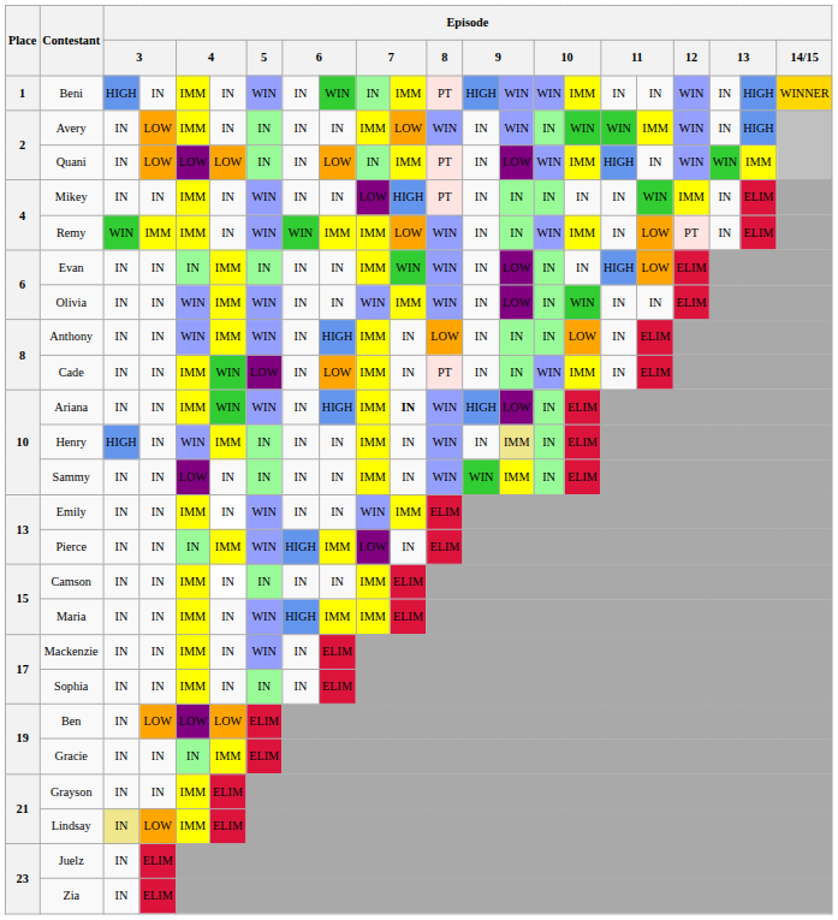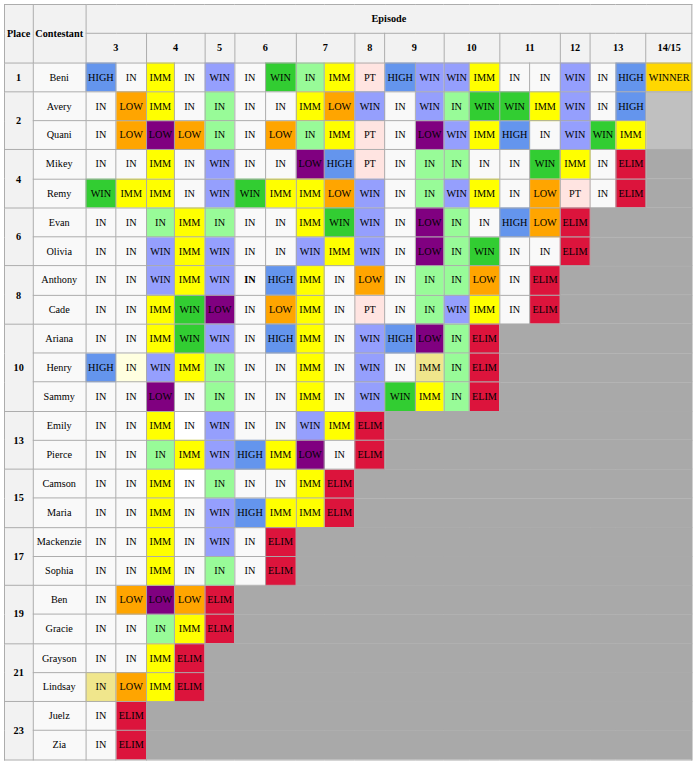 <table class="wikitable" style="text-align: center; font-size: 8pt; line-height:25px;">
 <tr>
 <th rowspan="2">Place</th>
 <th rowspan="2">Contestant</th>
 <th colspan="20">Episode</th>
 </tr>
 <tr>
 <th colspan="2">3</th>
 <th colspan="2">4</th>
 <th>5</th>
 <th colspan="2">6</th>
 <th colspan="2">7</th>
 <th>8</th>
 <th colspan="2">9</th>
 <th colspan="2">10</th>
 <th colspan="2">11</th>
 <th>12</th>
 <th colspan="2">13</th>
 <th>14/15</th>
 </tr>
 <tr>
 <th>1</th>
 <td>Beni</td>
 <td style="background:cornflowerblue;">HIGH</td>
 <td>IN</td>
 <td style="background:yellow;">IMM</td>
 <td>IN</td>
 <td style="background:#959FFD;">WIN</td>
 <td>IN</td>
 <td style="background:limegreen;">WIN</td>
 <td style="background:palegreen;">IN</td>
 <td style="background:yellow;">IMM</td>
 <td style="background:mistyrose">PT</td>
 <td style="background:cornflowerblue;">HIGH</td>
 <td style="background:#959FFD;">WIN</td>
 <td style="background:#959FFD;">WIN</td>
 <td style="background:yellow;">IMM</td>
 <td>IN</td>
 <td>IN</td>
 <td style="background:#959FFD;">WIN</td>
 <td>IN</td>
 <td style="background:cornflowerblue;">HIGH</td>
 <td style="background:gold;">WINNER</td>
 </tr>
 <tr>
 <th rowspan="2">2</th>
 <td>Avery</td>
 <td>IN</td>
 <td style="background:orange;">LOW</td>
 <td style="background:yellow;">IMM</td>
 <td>IN</td>
 <td style="background:palegreen;">IN</td>
 <td>IN</td>
 <td>IN</td>
 <td style="background:yellow;">IMM</td>
 <td style="background:orange;:">LOW</td>
 <td style="background:#959FFD;">WIN</td>
 <td>IN</td>
 <td style="background:#959FFD;">WIN</td>
 <td style="background:palegreen;">IN</td>
 <td style="background:limegreen;">WIN</td>
 <td style="background:limegreen;">WIN</td>
 <td style="background:yellow;">IMM</td>
 <td style="background:#959FFD;">WIN</td>
 <td>IN</td>
 <td style="background:cornflowerblue;">HIGH</td>
 <td style="background:silver;" rowspan="2"></td>
 </tr>
 <tr>
 <td>Quani</td>
 <td>IN</td>
 <td style="background:orange;">LOW</td>
 <td style="background:purple;">LOW</td>
 <td style="background:orange;">LOW</td>
 <td style="background:palegreen;">IN</td>
 <td>IN</td>
 <td style="background:orange;">LOW</td>
 <td style="background:palegreen;">IN</td>
 <td style="background:yellow;">IMM</td>
 <td style="background:mistyrose">PT</td>
 <td>IN</td>
 <td style="background:purple;">LOW</td>
 <td style="background:#959FFD;">WIN</td>
 <td style="background:yellow;">IMM</td>
 <td style="background:cornflowerblue;">HIGH</td>
 <td>IN</td>
 <td style="background:#959FFD;">WIN</td>
 <td style="background:limegreen;">WIN</td>
 <td style="background:yellow;">IMM</td>
 </tr>
 <tr>
 <th rowspan="2">4</th>
 <td>Mikey</td>
 <td>IN</td>
 <td>IN</td>
 <td style="background:yellow;">IMM</td>
 <td>IN</td>
 <td style="background:#959FFD;">WIN</td>
 <td>IN</td>
 <td>IN</td>
 <td style="background:purple;">LOW</td>
 <td style="background: cornflowerblue;">HIGH</td>
 <td style="background:mistyrose">PT</td>
 <td>IN</td>
 <td style="background:palegreen;">IN</td>
 <td style="background:palegreen;">IN</td>
 <td>IN</td>
 <td>IN</td>
 <td style="background:limegreen;">WIN</td>
 <td style="background:yellow;">IMM</td>
 <td>IN</td>
 <td style="background:crimson;">ELIM</td>
 <td style="background:darkgrey;"></td>
 </tr>
 <tr>
 <td>Remy</td>
 <td style="background:limegreen;">WIN</td>
 <td style="background:yellow;">IMM</td>
 <td style="background:yellow;">IMM</td>
 <td>IN</td>
 <td style="background:#959FFD;">WIN</td>
 <td style="background:limegreen;">WIN</td>
 <td style="background:yellow;">IMM</td>
 <td style="background:yellow;">IMM</td>
 <td style="background:orange;:">LOW</td>
 <td style="background:#959FFD;">WIN</td>
 <td>IN</td>
 <td style="background:palegreen;">IN</td>
 <td style="background:#959FFD;">WIN</td>
 <td style="background:yellow;">IMM</td>
 <td>IN</td>
 <td style="background:orange;:">LOW</td>
 <td style="background:mistyrose">PT</td>
 <td>IN</td>
 <td style="background:crimson;">ELIM</td>
 <td style="background:darkgrey;"></td>
 </tr>
 <tr>
 <th rowspan="2">6</th>
 <td>Evan</td>
 <td>IN</td>
 <td>IN</td>
 <td style="background:palegreen;">IN</td>
 <td style="background:yellow;">IMM</td>
 <td style="background:palegreen;">IN</td>
 <td>IN</td>
 <td>IN</td>
 <td style="background:yellow;">IMM</td>
 <td style="background:limegreen;">WIN</td>
 <td style="background:#959FFD;">WIN</td>
 <td>IN</td>
 <td style="background:purple;">LOW</td>
 <td style="background:palegreen;">IN</td>
 <td>IN</td>
 <td style="background:cornflowerblue;">HIGH</td>
 <td style="background:orange;:">LOW</td>
 <td style="background:crimson;">ELIM</td>
 <td colspan="3" style="background:darkgrey;"></td>
 </tr>
 <tr>
 <td>Olivia</td>
 <td>IN</td>
 <td>IN</td>
 <td style="background:#959FFD;">WIN</td>
 <td style="background:yellow;">IMM</td>
 <td style="background:#959FFD;">WIN</td>
 <td>IN</td>
 <td>IN</td>
 <td style="background:#959FFD;">WIN</td>
 <td style="background:yellow;">IMM</td>
 <td style="background:#959FFD;">WIN</td>
 <td>IN</td>
 <td style="background:purple;">LOW</td>
 <td style="background:palegreen;">IN</td>
 <td style="background:limegreen;">WIN</td>
 <td>IN</td>
 <td>IN</td>
 <td style="background:crimson;">ELIM</td>
 <td colspan="3" style="background:darkgrey;"></td>
 </tr>
 <tr>
 <th rowspan="2">8</th>
 <td>Anthony</td>
 <td>IN</td>
 <td>IN</td>
 <td style="background:#959FFD;">WIN</td>
 <td style="background:yellow;">IMM</td>
 <td style="background:#959FFD;">WIN</td>
-<td>IN</td>
+<td><strong>IN</strong></td>
 <td style="background:cornflowerblue;">HIGH</td>
 <td style="background:yellow;">IMM</td>
 <td>IN</td>
 <td style="background:orange;">LOW</td>
 <td>IN</td>
 <td style="background:palegreen;">IN</td>
 <td style="background:palegreen;">IN</td>
 <td style="background:orange;:">LOW</td>
 <td>IN</td>
 <td style="background:crimson;">ELIM</td>
 <td colspan="4" style="background:darkgrey;"></td>
 </tr>
 <tr>
 <td>Cade</td>
 <td>IN</td>
 <td>IN</td>
 <td style="background:yellow;">IMM</td>
 <td style="background:limegreen;">WIN</td>
 <td style="background:purple;:">LOW</td>
 <td>IN</td>
 <td style="background:orange;">LOW</td>
 <td style="background:yellow;">IMM</td>
 <td>IN</td>
 <td style="background:mistyrose">PT</td>
 <td>IN</td>
 <td style="background:palegreen;">IN</td>
 <td style="background:#959FFD;">WIN</td>
 <td style="background:yellow;">IMM</td>
 <td>IN</td>
 <td style="background:crimson;">ELIM</td>
 <td colspan="4" style="background:darkgrey;"></td>
 </tr>
 <tr>
 <th rowspan="3">10</th>
 <td>Ariana</td>
 <td>IN</td>
 <td>IN</td>
 <td style="background:yellow;">IMM</td>
 <td style="background:limegreen;">WIN</td>
 <td style="background:#959FFD;">WIN</td>
 <td>IN</td>
 <td style="background:cornflowerblue;">HIGH</td>
 <td style="background:yellow;">IMM</td>
-<td><strong>IN</strong></td>
+<td>IN</td>
 <td style="background:#959FFD;">WIN</td>
 <td style="background:cornflowerblue;">HIGH</td>
 <td style="background:purple;">LOW</td>
 <td style="background:palegreen;">IN</td>
 <td style="background:crimson;">ELIM</td>
 <td colspan="6" style="background:darkgrey;"></td>
 </tr>
 <tr>
 <td>Henry</td>
 <td style="background:cornflowerblue;">HIGH</td>
-<td>IN</td>
+<td style="background: lightyellow;">IN</td>
 <td style="background:#959FFD;">WIN</td>
 <td style="background:yellow;">IMM</td>
 <td style="background:palegreen;">IN</td>
 <td>IN</td>
 <td>IN</td>
 <td style="background:yellow;">IMM</td>
 <td>IN</td>
 <td style="background:#959FFD;">WIN</td>
 <td>IN</td>
 <td style="background:khaki;">IMM</td>
 <td style="background:palegreen;">IN</td>
 <td style="background:crimson;">ELIM</td>
 <td colspan="6" style="background:darkgrey;"></td>
 </tr>
 <tr>
 <td>Sammy</td>
 <td>IN</td>
 <td>IN</td>
 <td style="background:purple;">LOW</td>
 <td>IN</td>
 <td style="background:palegreen;">IN</td>
 <td>IN</td>
 <td>IN</td>
 <td style="background:yellow;">IMM</td>
 <td>IN</td>
 <td style="background:#959FFD;">WIN</td>
 <td style="background:limegreen;">WIN</td>
 <td style="background:yellow;">IMM</td>
 <td style="background:palegreen;">IN</td>
 <td style="background:crimson;">ELIM</td>
 <td colspan="6" style="background:darkgrey;"></td>
 </tr>
 <tr>
 <th rowspan="2">13</th>
 <td>Emily</td>
 <td>IN</td>
 <td>IN</td>
 <td style="background:yellow;">IMM</td>
 <td style="background:white;">IN</td>
 <td style="background:#959FFD;">WIN</td>
 <td>IN</td>
 <td>IN</td>
 <td style="background:#959FFD;">WIN</td>
 <td style="background:yellow;">IMM</td>
 <td style="background:crimson;">ELIM</td>
 <td colspan="10" style="background:darkgrey;"></td>
 </tr>
 <tr>
 <td>Pierce</td>
 <td>IN</td>
 <td>IN</td>
 <td style="background:palegreen;">IN</td>
 <td style="background:yellow;">IMM</td>
 <td style="background:#959FFD;">WIN</td>
 <td style="background:cornflowerblue;">HIGH</td>
 <td style="background:yellow;">IMM</td>
 <td style="background:purple;">LOW</td>
 <td>IN</td>
 <td style="background:crimson;">ELIM</td>
 <td colspan="10" style="background:darkgrey;"></td>
 </tr>
 <tr>
 <th rowspan="2">15</th>
 <td>Camson</td>
 <td>IN</td>
 <td>IN</td>
 <td style="background:yellow;">IMM</td>
 <td style="background:white;">IN</td>
 <td style="background:palegreen;">IN</td>
 <td>IN</td>
 <td>IN</td>
 <td style="background:yellow;">IMM</td>
 <td style="background:crimson;">ELIM</td>
 <td colspan="11" style="background:darkgrey;"></td>
 </tr>
 <tr>
 <td>Maria</td>
 <td>IN</td>
 <td>IN</td>
 <td style="background:yellow;">IMM</td>
 <td>IN</td>
 <td style="background:#959FFD;">WIN</td>
 <td style="background:cornflowerblue;">HIGH</td>
 <td style="background:yellow;">IMM</td>
 <td style="background:yellow;">IMM</td>
 <td style="background:crimson;">ELIM</td>
 <td colspan="11" style="background:darkgrey;"></td>
 </tr>
 <tr>
 <th rowspan="2">17</th>
 <td>Mackenzie</td>
 <td>IN</td>
 <td>IN</td>
 <td style="background:yellow;">IMM</td>
 <td>IN</td>
 <td style="background:#959FFD;">WIN</td>
 <td>IN</td>
 <td style="background:crimson;">ELIM</td>
 <td colspan="13" style="background:darkgrey;"></td>
 </tr>
 <tr>
 <td>Sophia</td>
 <td>IN</td>
 <td>IN</td>
 <td style="background:yellow;">IMM</td>
 <td>IN</td>
 <td style="background:palegreen;">IN</td>
 <td>IN</td>
 <td style="background:crimson;">ELIM</td>
 <td colspan="13" style="background:darkgrey;"></td>
 </tr>
 <tr>
 <th rowspan="2">19</th>
 <td>Ben</td>
 <td>IN</td>
 <td style="background:orange;">LOW</td>
 <td style="background:Purple;">LOW</td>
 <td style="background:orange;:">LOW</td>
 <td style="background:crimson;">ELIM</td>
 <td colspan="15" style="background:darkgrey;"></td>
 </tr>
 <tr>
 <td>Gracie</td>
 <td>IN</td>
 <td>IN</td>
 <td style="background:palegreen;">IN</td>
 <td style="background:yellow;">IMM</td>
 <td style="background:crimson;">ELIM</td>
 <td colspan="15" style="background:darkgrey;"></td>
 </tr>
 <tr>
 <th rowspan="2">21</th>
 <td>Grayson</td>
 <td>IN</td>
 <td>IN</td>
 <td style="background:yellow;">IMM</td>
 <td style="background:crimson;">ELIM</td>
 <td colspan="16" style="background:darkgrey;"></td>
 </tr>
 <tr>
 <td>Lindsay</td>
 <td style="background: khaki;">IN</td>
 <td style="background:orange">LOW</td>
 <td style="background:yellow;">IMM</td>
 <td style="background:crimson;">ELIM</td>
 <td colspan="16" style="background:darkgrey;"></td>
 </tr>
 <tr>
 <th rowspan="2">23</th>
 <td>Juelz</td>
 <td>IN</td>
 <td style="background:crimson;">ELIM</td>
 <td colspan="18" style="background:darkgrey;"></td>
 </tr>
 <tr>
 <td>Zia</td>
 <td>IN</td>
 <td style="background:crimson;">ELIM</td>
 <td colspan="18" style="background:darkgrey;"></td>
 </tr>
 </table>
